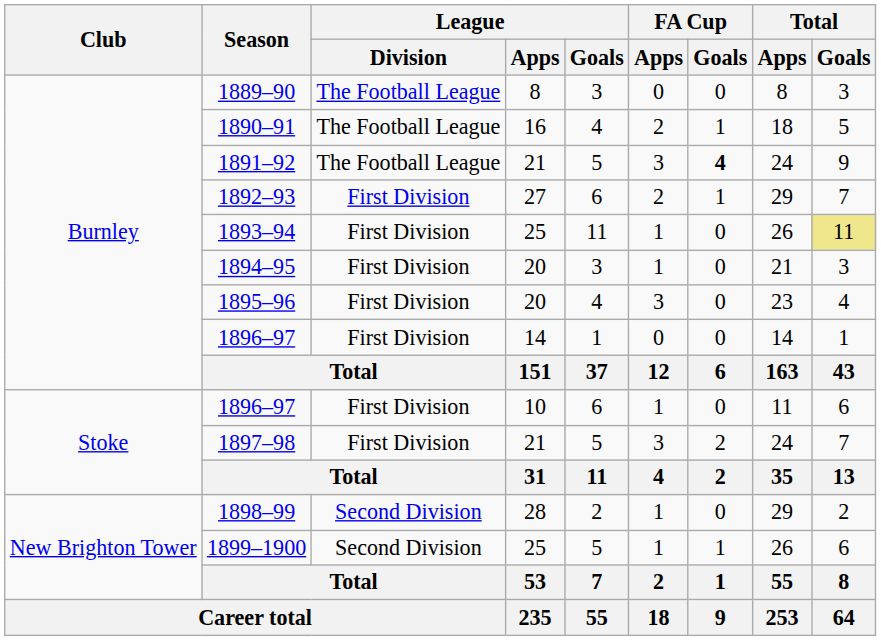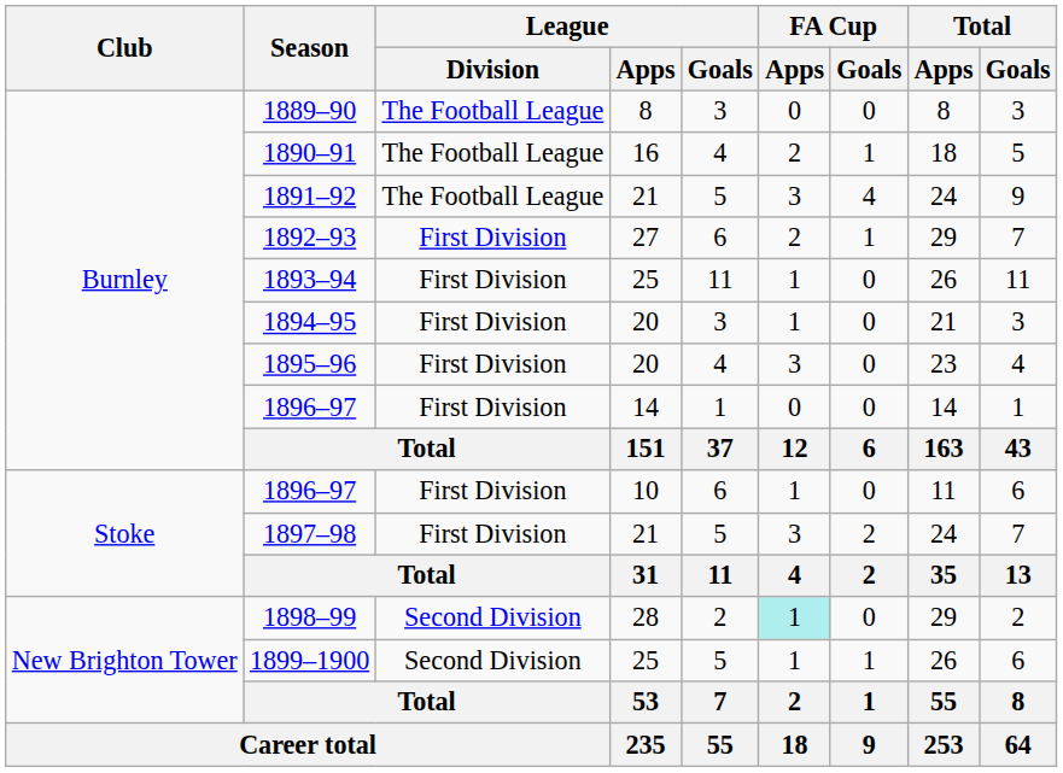 <table class="wikitable" style="text-align: center;">
 <tr>
 <th rowspan="2">Club</th>
 <th rowspan="2">Season</th>
 <th colspan="3">League</th>
 <th colspan="2">FA Cup</th>
 <th colspan="2">Total</th>
 </tr>
 <tr>
 <th>Division</th>
 <th>Apps</th>
 <th>Goals</th>
 <th>Apps</th>
 <th>Goals</th>
 <th>Apps</th>
 <th>Goals</th>
 </tr>
 <tr>
 <td rowspan="9"><a href='#'>Burnley</a></td>
 <td><a href='#'>1889–90</a></td>
 <td><a href='#'>The Football League</a></td>
 <td>8</td>
 <td>3</td>
 <td>0</td>
 <td>0</td>
 <td>8</td>
 <td>3</td>
 </tr>
 <tr>
 <td><a href='#'>1890–91</a></td>
 <td>The Football League</td>
 <td>16</td>
 <td>4</td>
 <td>2</td>
 <td>1</td>
 <td>18</td>
 <td>5</td>
 </tr>
 <tr>
 <td><a href='#'>1891–92</a></td>
 <td>The Football League</td>
 <td>21</td>
 <td>5</td>
 <td>3</td>
-<td><strong>4</strong></td>
+<td>4</td>
 <td>24</td>
 <td>9</td>
 </tr>
 <tr>
 <td><a href='#'>1892–93</a></td>
 <td><a href='#'>First Division</a></td>
 <td>27</td>
 <td>6</td>
 <td>2</td>
 <td>1</td>
 <td>29</td>
 <td>7</td>
 </tr>
 <tr>
 <td><a href='#'>1893–94</a></td>
 <td>First Division</td>
 <td>25</td>
 <td>11</td>
 <td>1</td>
 <td>0</td>
 <td>26</td>
-<td style="background: khaki;">11</td>
+<td>11</td>
 </tr>
 <tr>
 <td><a href='#'>1894–95</a></td>
 <td>First Division</td>
 <td>20</td>
 <td>3</td>
 <td>1</td>
 <td>0</td>
 <td>21</td>
 <td>3</td>
 </tr>
 <tr>
 <td><a href='#'>1895–96</a></td>
 <td>First Division</td>
 <td>20</td>
 <td>4</td>
 <td>3</td>
 <td>0</td>
 <td>23</td>
 <td>4</td>
 </tr>
 <tr>
 <td><a href='#'>1896–97</a></td>
 <td>First Division</td>
 <td>14</td>
 <td>1</td>
 <td>0</td>
 <td>0</td>
 <td>14</td>
 <td>1</td>
 </tr>
 <tr>
 <th colspan=2>Total</th>
 <th>151</th>
 <th>37</th>
 <th>12</th>
 <th>6</th>
 <th>163</th>
 <th>43</th>
 </tr>
 <tr>
 <td rowspan="3"><a href='#'>Stoke</a></td>
 <td><a href='#'>1896–97</a></td>
 <td>First Division</td>
 <td>10</td>
 <td>6</td>
 <td>1</td>
 <td>0</td>
 <td>11</td>
 <td>6</td>
 </tr>
 <tr>
 <td><a href='#'>1897–98</a></td>
 <td>First Division</td>
 <td>21</td>
 <td>5</td>
 <td>3</td>
 <td>2</td>
 <td>24</td>
 <td>7</td>
 </tr>
 <tr>
 <th colspan=2>Total</th>
 <th>31</th>
 <th>11</th>
 <th>4</th>
 <th>2</th>
 <th>35</th>
 <th>13</th>
 </tr>
 <tr>
 <td rowspan="3"><a href='#'>New Brighton Tower</a></td>
 <td><a href='#'>1898–99</a></td>
 <td><a href='#'>Second Division</a></td>
 <td>28</td>
 <td>2</td>
-<td>1</td>
+<td style="background: paleturquoise;">1</td>
 <td>0</td>
 <td>29</td>
 <td>2</td>
 </tr>
 <tr>
 <td><a href='#'>1899–1900</a></td>
 <td>Second Division</td>
 <td>25</td>
 <td>5</td>
 <td>1</td>
 <td>1</td>
 <td>26</td>
 <td>6</td>
 </tr>
 <tr>
 <th colspan=2>Total</th>
 <th>53</th>
 <th>7</th>
 <th>2</th>
 <th>1</th>
 <th>55</th>
 <th>8</th>
 </tr>
 <tr>
 <th colspan="3">Career total</th>
 <th>235</th>
 <th>55</th>
 <th>18</th>
 <th>9</th>
 <th>253</th>
 <th>64</th>
 </tr>
 </table>
